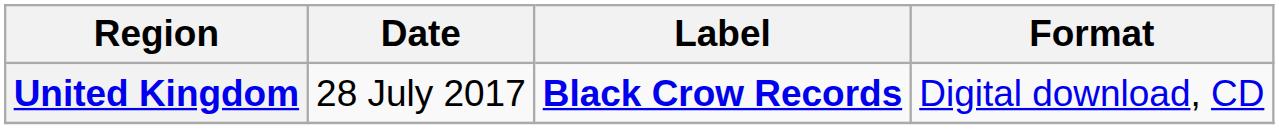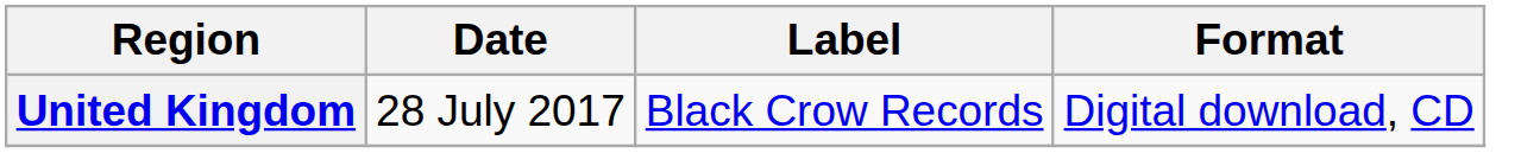 <table class="wikitable sortable plainrowheaders">
 <tr>
 <th scope="col">Region</th>
 <th scope="col">Date</th>
 <th scope="col">Label</th>
 <th scope="col">Format</th>
 </tr>
 <tr>
 <th scope="row"><a href='#'>United Kingdom</a></th>
 <td>28 July 2017</td>
-<td><strong><a href='#'>Black Crow Records</a></strong></td>
+<td><a href='#'>Black Crow Records</a></td>
 <td><a href='#'>Digital download</a>, <a href='#'>CD</a></td>
 </tr>
 <tr>
 </tr>
 </table>
